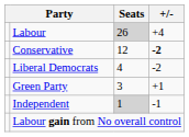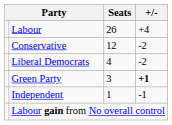 <table class="wikitable">
 <tr>
 <th colspan="2">Party</th>
 <th>Seats</th>
 <th>  +/-  </th>
 </tr>
 <tr>
 <td style="background-color: "></td>
 <td><a href='#'>Labour</a></td>
-<td style="background: lightgrey;">26</td>
+<td>26</td>
 <td>+4</td>
 </tr>
 <tr>
 <td style="background-color: "></td>
 <td><a href='#'>Conservative</a></td>
 <td>12</td>
-<td><strong>-2</strong></td>
+<td>-2</td>
 </tr>
 <tr>
 <td style="background-color: "></td>
 <td><a href='#'>Liberal Democrats</a></td>
 <td>4</td>
 <td>-2</td>
 </tr>
 <tr>
 <td style="background-color: "></td>
 <td><a href='#'>Green Party</a></td>
 <td>3</td>
-<td>+1</td>
+<td><strong>+1</strong></td>
 </tr>
 <tr>
 <td style="background-color: "></td>
 <td><a href='#'>Independent</a></td>
-<td style="background: lightgrey;">1</td>
+<td>1</td>
 <td>-1</td>
 </tr>
 <tr>
 <td style="background-color: "></td>
 <td colspan="3"><a href='#'>Labour</a> <strong>gain</strong> from <a href='#'>No overall control</a></td>
 </tr>
 </table>
